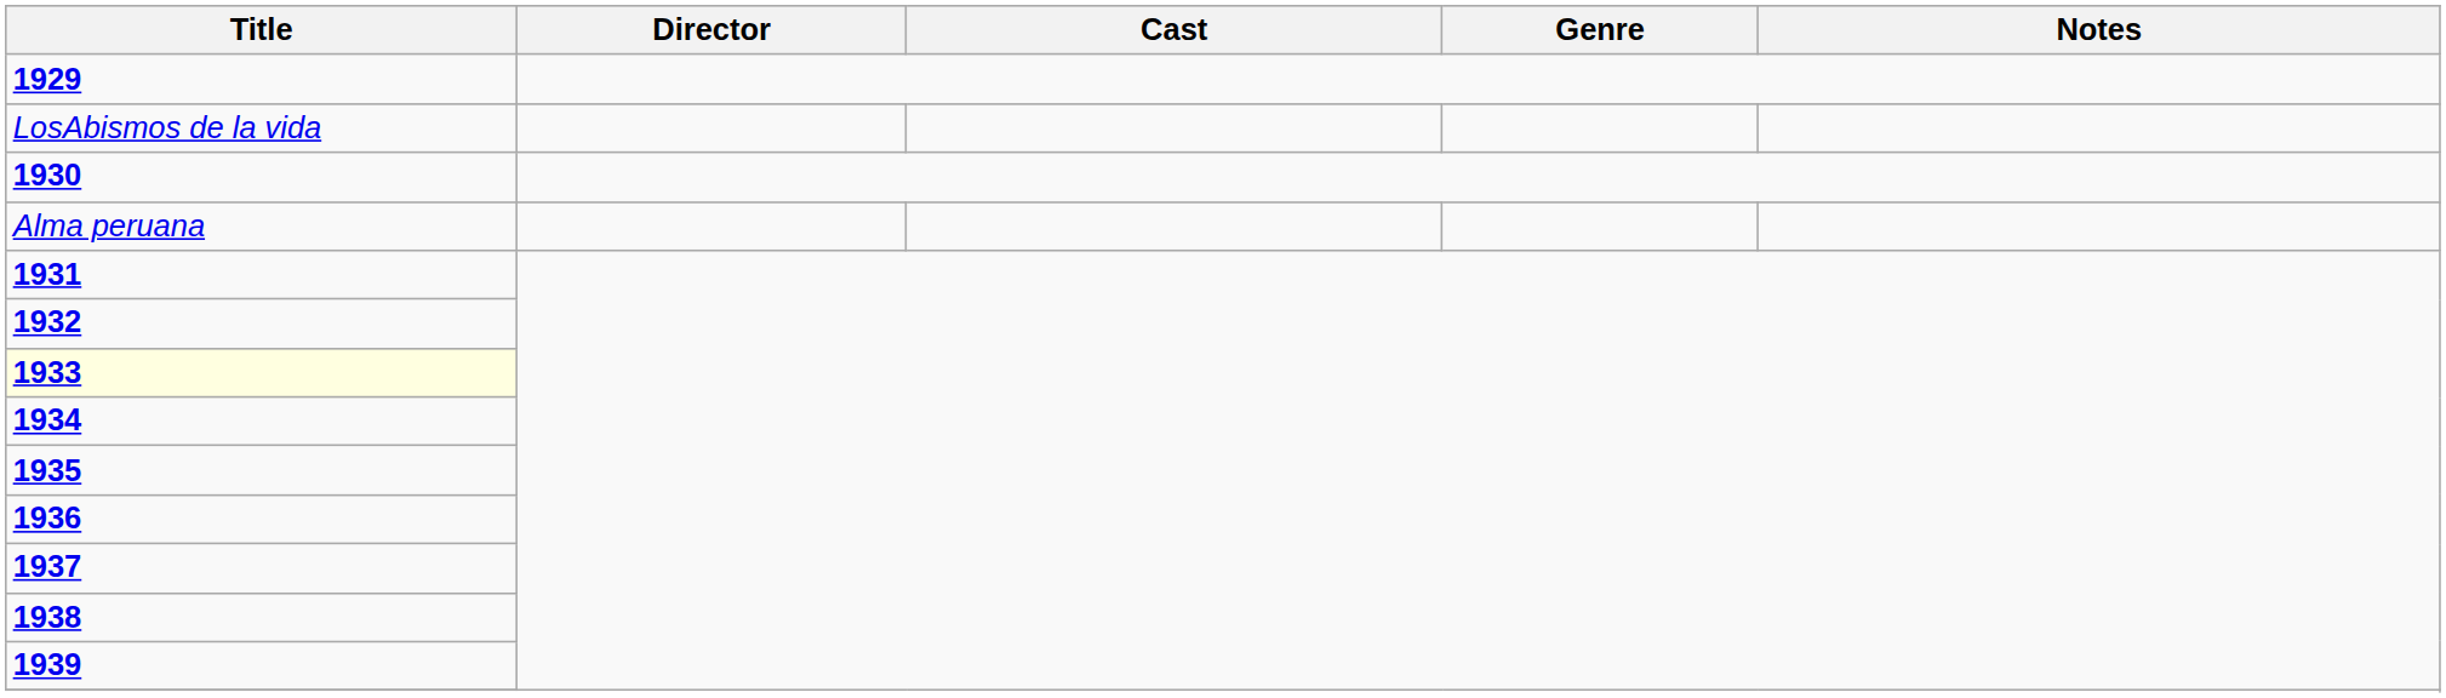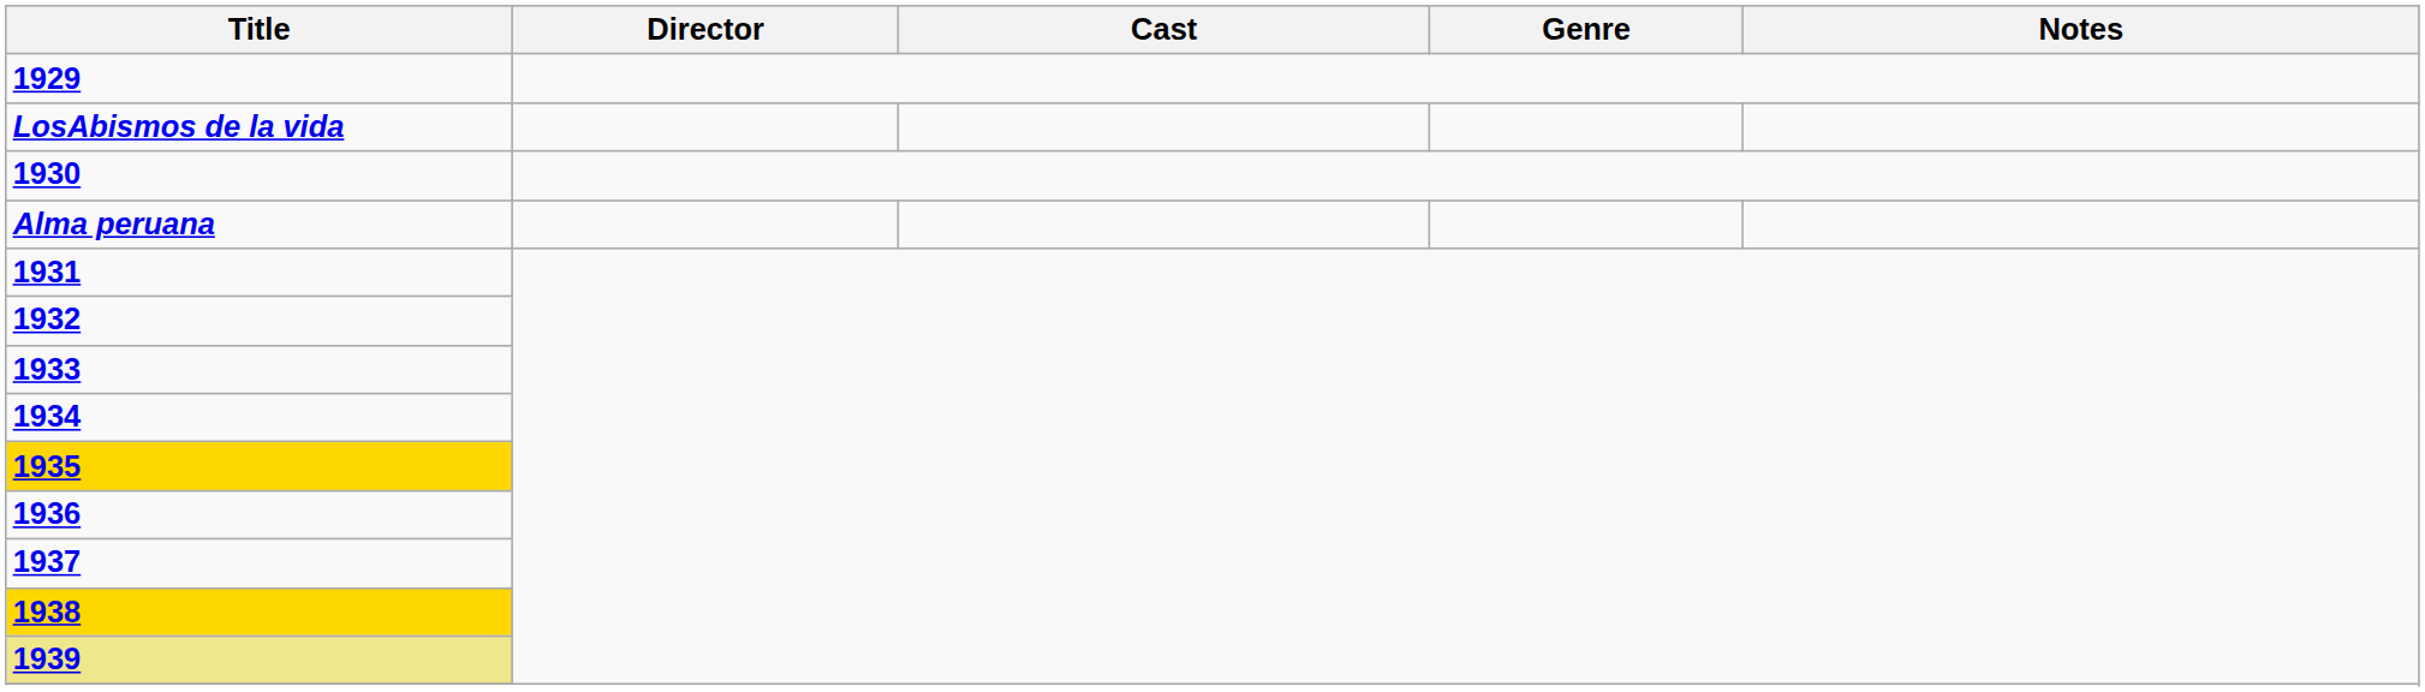 <table class="wikitable" width= "100%">
 <tr>
 <th width=21%>Title</th>
 <th width=16%>Director</th>
 <th width=22%>Cast</th>
 <th width=13%>Genre</th>
 <th width=28%>Notes</th>
 </tr>
 <tr>
 <td><strong><a href='#'>1929</a></strong></td>
 </tr>
 <tr>
-<td><em><a href='#'>LosAbismos de la vida</a></em></td>
+<td><strong><em><a href='#'>LosAbismos de la vida</a></em></strong></td>
 <td></td>
 <td></td>
 <td></td>
 <td></td>
 </tr>
 <tr>
 <td><strong><a href='#'>1930</a></strong></td>
 </tr>
 <tr>
-<td><em><a href='#'>Alma peruana</a> </em></td>
+<td><strong><em><a href='#'>Alma peruana</a> </em></strong></td>
 <td></td>
 <td></td>
 <td></td>
 <td></td>
 </tr>
 <tr>
 <td><strong><a href='#'>1931</a></strong></td>
 </tr>
 <tr>
 <td><strong><a href='#'>1932</a></strong></td>
 </tr>
 <tr>
-<td style="background: lightyellow;"><strong><a href='#'>1933</a></strong></td>
+<td><strong><a href='#'>1933</a></strong></td>
 </tr>
 <tr>
 <td><strong><a href='#'>1934</a></strong></td>
 </tr>
 <tr>
-<td><strong><a href='#'>1935</a></strong></td>
+<td style="background: gold;"><strong><a href='#'>1935</a></strong></td>
 </tr>
 <tr>
 <td><strong><a href='#'>1936</a></strong></td>
 </tr>
 <tr>
 <td><strong><a href='#'>1937</a></strong></td>
 </tr>
 <tr>
-<td><strong><a href='#'>1938</a></strong></td>
+<td style="background: gold;"><strong><a href='#'>1938</a></strong></td>
 </tr>
 <tr>
-<td><strong><a href='#'>1939</a></strong></td>
+<td style="background: khaki;"><strong><a href='#'>1939</a></strong></td>
 </tr>
 <tr>
 </tr>
 </table>
